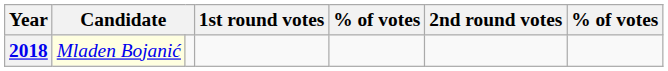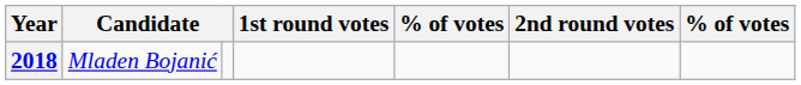 <table class="wikitable">
 <tr>
 <th>Year</th>
 <th colspan=2>Candidate</th>
 <th>1st round votes</th>
 <th>% of votes</th>
 <th>2nd round votes</th>
 <th>% of votes</th>
 </tr>
 <tr>
 <th><a href='#'>2018</a></th>
-<td style="background: lightyellow;"><em><a href='#'>Mladen Bojanić</a></em></td>
+<td><em><a href='#'>Mladen Bojanić</a></em></td>
 <td></td>
 <td></td>
 <td></td>
 <td></td>
 <td></td>
 </tr>
 </table>
